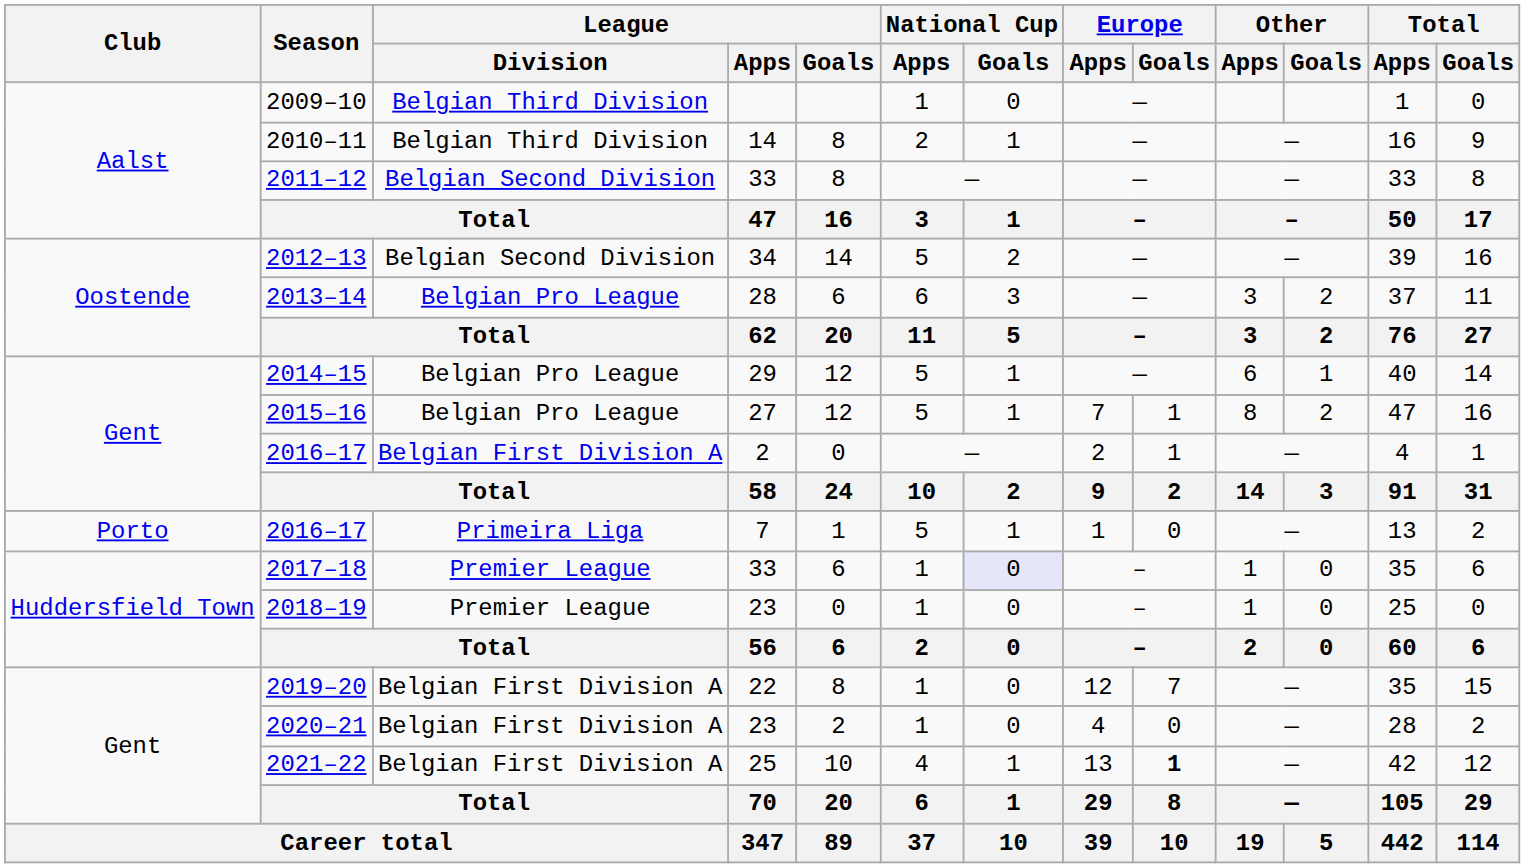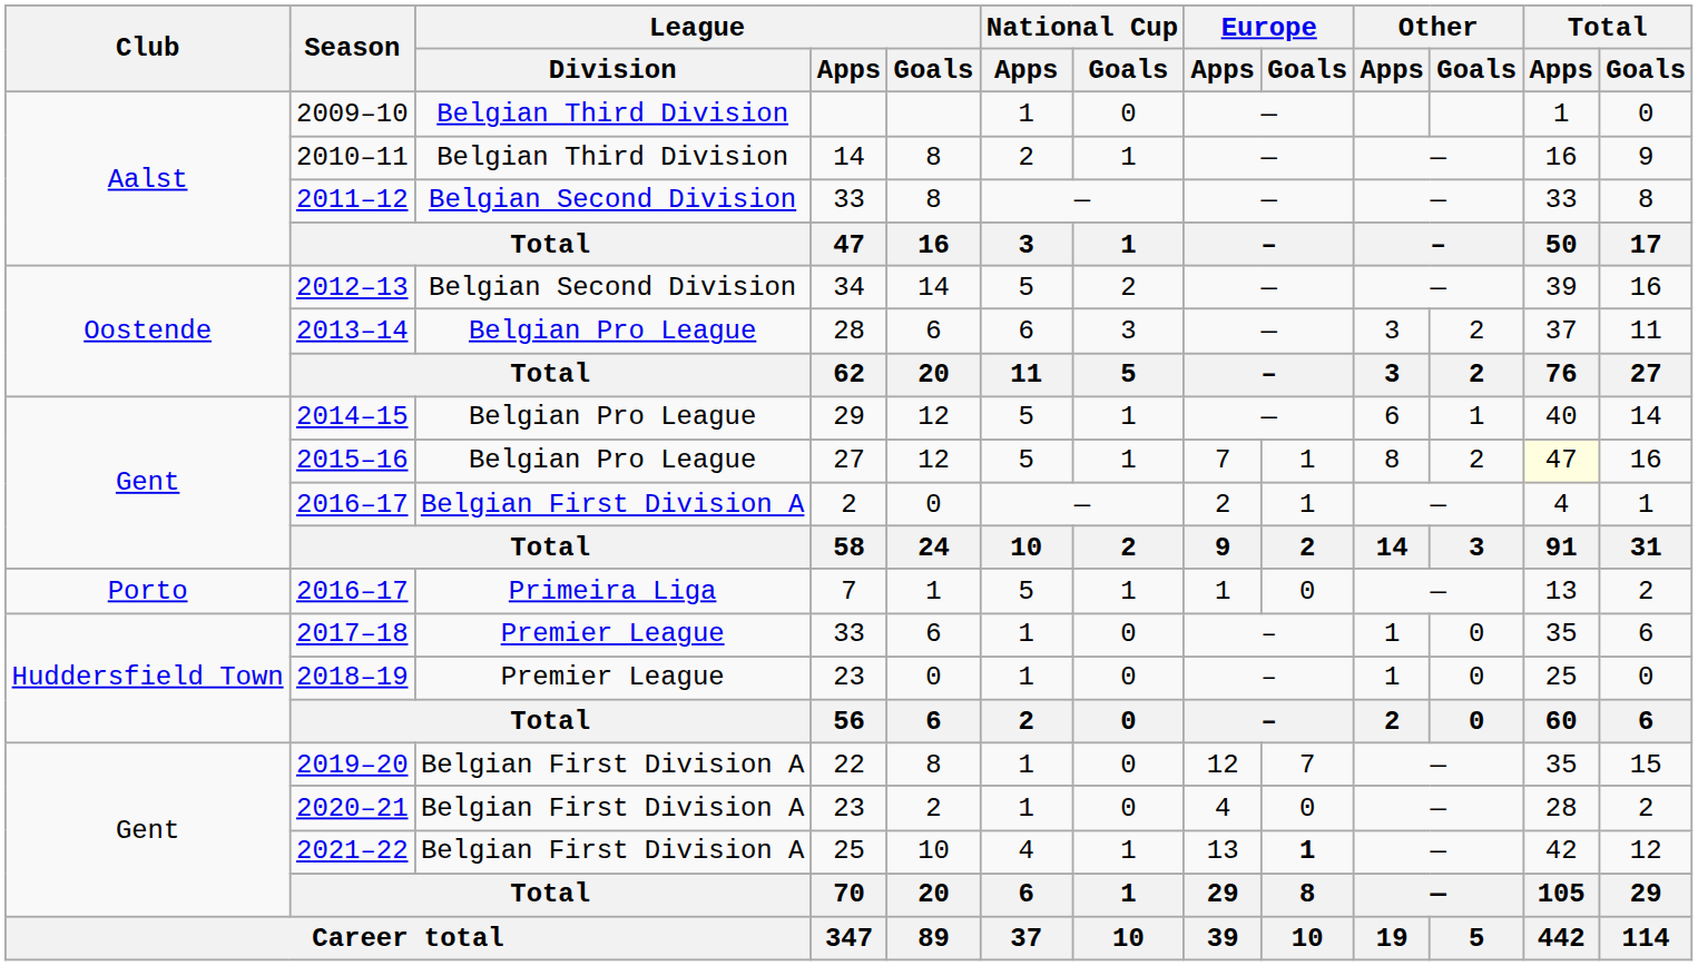 <table class="wikitable" style="text-align:center">
 <tr>
 <th rowspan="2">Club</th>
 <th rowspan="2">Season</th>
 <th colspan="3">League</th>
 <th colspan="2">National Cup</th>
 <th colspan="2"><a href='#'>Europe</a></th>
 <th colspan="2">Other</th>
 <th colspan="2">Total</th>
 </tr>
 <tr>
 <th>Division</th>
 <th>Apps</th>
 <th>Goals</th>
 <th>Apps</th>
 <th>Goals</th>
 <th>Apps</th>
 <th>Goals</th>
 <th>Apps</th>
 <th>Goals</th>
 <th>Apps</th>
 <th>Goals</th>
 </tr>
 <tr>
 <td rowspan="4"><a href='#'>Aalst</a></td>
 <td>2009–10</td>
 <td><a href='#'>Belgian Third Division</a></td>
 <td></td>
 <td></td>
 <td>1</td>
 <td>0</td>
 <td colspan="2">—</td>
 <td></td>
 <td></td>
 <td>1</td>
 <td>0</td>
 </tr>
 <tr>
 <td>2010–11</td>
 <td>Belgian Third Division</td>
 <td>14</td>
 <td>8</td>
 <td>2</td>
 <td>1</td>
 <td colspan="2">—</td>
 <td colspan="2">—</td>
 <td>16</td>
 <td>9</td>
 </tr>
 <tr>
 <td><a href='#'>2011–12</a></td>
 <td><a href='#'>Belgian Second Division</a></td>
 <td>33</td>
 <td>8</td>
 <td colspan="2">—</td>
 <td colspan="2">—</td>
 <td colspan="2">—</td>
 <td>33</td>
 <td>8</td>
 </tr>
 <tr>
 <th colspan="2">Total</th>
 <th>47</th>
 <th>16</th>
 <th>3</th>
 <th>1</th>
 <th colspan=2>–</th>
 <th colspan=2>–</th>
 <th>50</th>
 <th>17</th>
 </tr>
 <tr>
 <td rowspan="3"><a href='#'>Oostende</a></td>
 <td><a href='#'>2012–13</a></td>
 <td>Belgian Second Division</td>
 <td>34</td>
 <td>14</td>
 <td>5</td>
 <td>2</td>
 <td colspan="2">—</td>
 <td colspan="2">—</td>
 <td>39</td>
 <td>16</td>
 </tr>
 <tr>
 <td><a href='#'>2013–14</a></td>
 <td><a href='#'>Belgian Pro League</a></td>
 <td>28</td>
 <td>6</td>
 <td>6</td>
 <td>3</td>
 <td colspan="2">—</td>
 <td>3</td>
 <td>2</td>
 <td>37</td>
 <td>11</td>
 </tr>
 <tr>
 <th colspan="2">Total</th>
 <th>62</th>
 <th>20</th>
 <th>11</th>
 <th>5</th>
 <th colspan=2>–</th>
 <th>3</th>
 <th>2</th>
 <th>76</th>
 <th>27</th>
 </tr>
 <tr>
 <td rowspan="4"><a href='#'>Gent</a></td>
 <td><a href='#'>2014–15</a></td>
 <td>Belgian Pro League</td>
 <td>29</td>
 <td>12</td>
 <td>5</td>
 <td>1</td>
 <td colspan="2">—</td>
 <td>6</td>
 <td>1</td>
 <td>40</td>
 <td>14</td>
 </tr>
 <tr>
 <td><a href='#'>2015–16</a></td>
 <td>Belgian Pro League</td>
 <td>27</td>
 <td>12</td>
 <td>5</td>
 <td>1</td>
 <td>7</td>
 <td>1</td>
 <td>8</td>
 <td>2</td>
-<td>47</td>
+<td style="background: lightyellow;">47</td>
 <td>16</td>
 </tr>
 <tr>
 <td><a href='#'>2016–17</a></td>
 <td><a href='#'>Belgian First Division A</a></td>
 <td>2</td>
 <td>0</td>
 <td colspan="2">—</td>
 <td>2</td>
 <td>1</td>
 <td colspan="2">—</td>
 <td>4</td>
 <td>1</td>
 </tr>
 <tr>
 <th colspan="2">Total</th>
 <th>58</th>
 <th>24</th>
 <th>10</th>
 <th>2</th>
 <th>9</th>
 <th>2</th>
 <th>14</th>
 <th>3</th>
 <th>91</th>
 <th>31</th>
 </tr>
 <tr>
 <td><a href='#'>Porto</a></td>
 <td><a href='#'>2016–17</a></td>
 <td><a href='#'>Primeira Liga</a></td>
 <td>7</td>
 <td>1</td>
 <td>5</td>
 <td>1</td>
 <td>1</td>
 <td>0</td>
 <td colspan="2">—</td>
 <td>13</td>
 <td>2</td>
 </tr>
 <tr>
 <td rowspan="3"><a href='#'>Huddersfield Town</a></td>
 <td><a href='#'>2017–18</a></td>
 <td><a href='#'>Premier League</a></td>
 <td>33</td>
 <td>6</td>
 <td>1</td>
-<td style="background: lavender;">0</td>
+<td>0</td>
 <td colspan=2>–</td>
 <td>1</td>
 <td>0</td>
 <td>35</td>
 <td>6</td>
 </tr>
 <tr>
 <td><a href='#'>2018–19</a></td>
 <td>Premier League</td>
 <td>23</td>
 <td>0</td>
 <td>1</td>
 <td>0</td>
 <td colspan=2>–</td>
 <td>1</td>
 <td>0</td>
 <td>25</td>
 <td>0</td>
 </tr>
 <tr>
 <th colspan="2">Total</th>
 <th>56</th>
 <th>6</th>
 <th>2</th>
 <th>0</th>
 <th colspan=2>–</th>
 <th>2</th>
 <th>0</th>
 <th>60</th>
 <th>6</th>
 </tr>
 <tr>
 <td rowspan="4">Gent</td>
 <td><a href='#'>2019–20</a></td>
 <td>Belgian First Division A</td>
 <td>22</td>
 <td>8</td>
 <td>1</td>
 <td>0</td>
 <td>12</td>
 <td>7</td>
 <td colspan="2">—</td>
 <td>35</td>
 <td>15</td>
 </tr>
 <tr>
 <td><a href='#'>2020–21</a></td>
 <td>Belgian First Division A</td>
 <td>23</td>
 <td>2</td>
 <td>1</td>
 <td>0</td>
 <td>4</td>
 <td>0</td>
 <td colspan="2">—</td>
 <td>28</td>
 <td>2</td>
 </tr>
 <tr>
 <td><a href='#'>2021–22</a></td>
 <td>Belgian First Division A</td>
 <td>25</td>
 <td>10</td>
 <td>4</td>
 <td>1</td>
 <td>13</td>
 <td><strong>1</strong></td>
 <td colspan="2">—</td>
 <td>42</td>
 <td>12</td>
 </tr>
 <tr>
 <th colspan="2">Total</th>
 <th>70</th>
 <th>20</th>
 <th>6</th>
 <th>1</th>
 <th>29</th>
 <th>8</th>
 <th colspan="2">—</th>
 <th>105</th>
 <th>29</th>
 </tr>
 <tr>
 <th colspan="3">Career total</th>
 <th>347</th>
 <th>89</th>
 <th>37</th>
 <th>10</th>
 <th>39</th>
 <th>10</th>
 <th>19</th>
 <th>5</th>
 <th>442</th>
 <th>114</th>
 </tr>
 </table>
